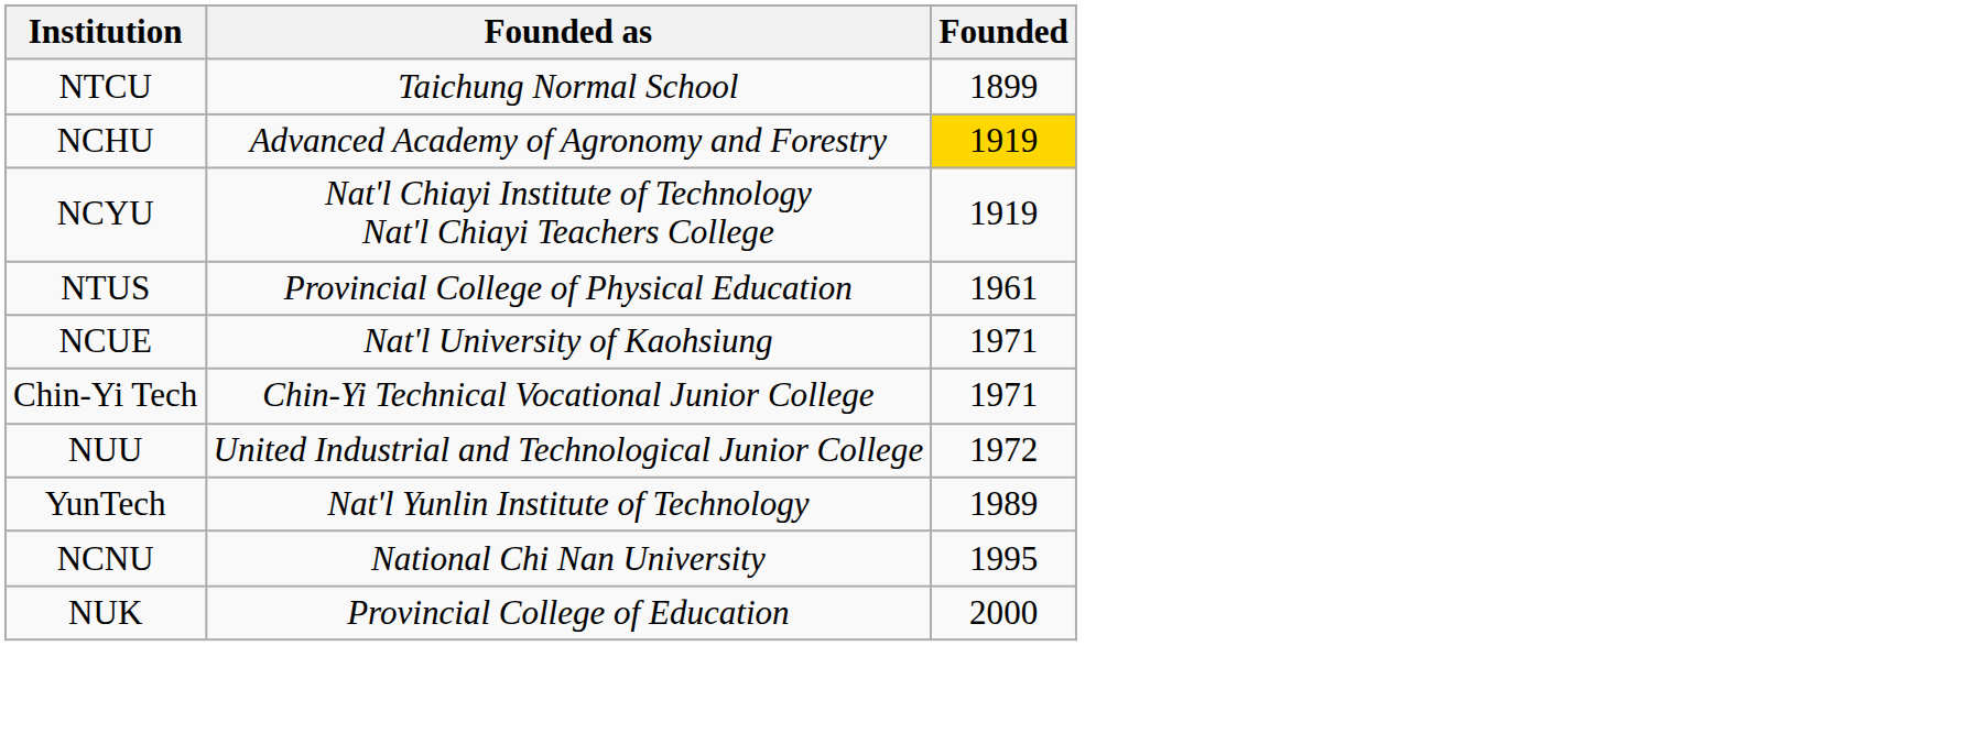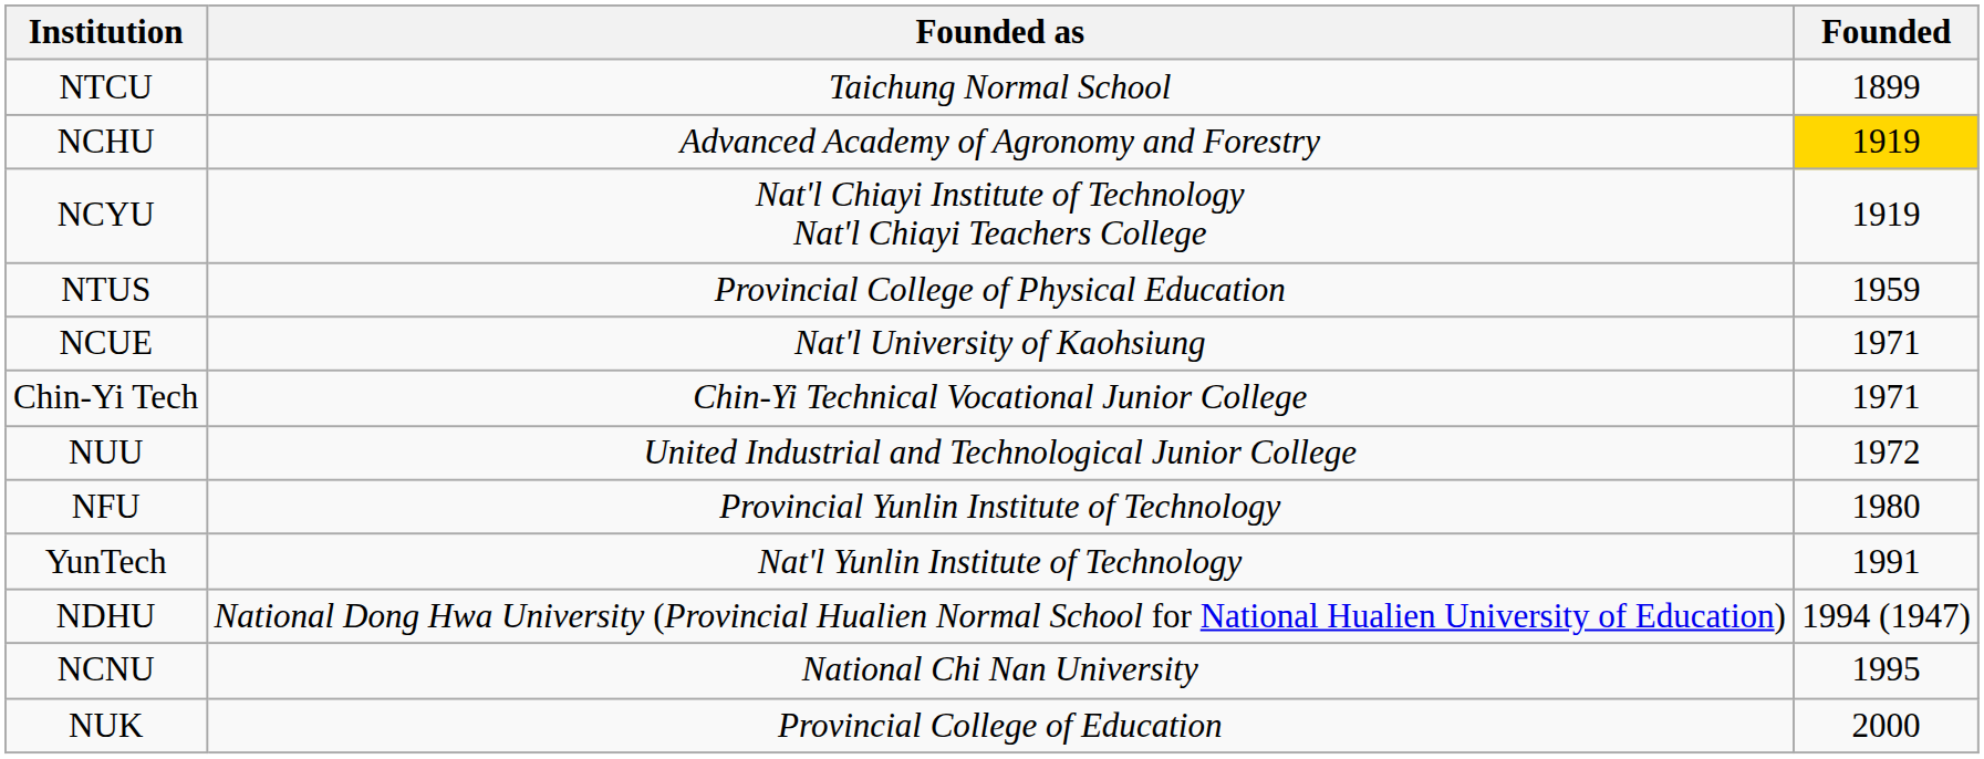 <table class="wikitable" style="text-align:center; margin-right:0; white-space:nowrap">
 <tr>
 <th>Institution</th>
 <th>Founded as</th>
 <th>Founded</th>
 </tr>
 <tr>
 <td>NTCU</td>
 <td><em>Taichung Normal School</em></td>
 <td>1899</td>
 </tr>
 <tr>
 <td>NCHU</td>
 <td><em>Advanced Academy of Agronomy and Forestry</em></td>
 <td style="background: gold;">1919</td>
 </tr>
 <tr>
 <td>NCYU</td>
 <td><em>Nat'l Chiayi Institute of Technology</em><br><em>Nat'l Chiayi Teachers College</em></td>
 <td>1919</td>
 </tr>
 <tr>
 <td>NTUS</td>
 <td><em>Provincial College of Physical Education</em></td>
-<td>1961</td>
+<td>1959</td>
 </tr>
 <tr>
 <td>NCUE</td>
 <td><em>Nat'l University of Kaohsiung</em></td>
 <td>1971</td>
 </tr>
 <tr>
 <td>Chin-Yi Tech</td>
 <td><em>Chin-Yi Technical Vocational Junior College</em></td>
 <td>1971</td>
 </tr>
 <tr>
 <td>NUU</td>
 <td><em>United Industrial and Technological Junior College</em></td>
 <td>1972</td>
 </tr>
 <tr>
+<td>NFU</td>
+<td><em>Provincial Yunlin Institute of Technology</em></td>
+<td>1980</td>
+</tr>
+<tr>
 <td>YunTech</td>
 <td><em>Nat'l Yunlin Institute of Technology</em></td>
-<td>1989</td>
+<td>1991</td>
+</tr>
+<tr>
+<td>NDHU</td>
+<td><em>National Dong Hwa University</em> (<em>Provincial Hualien Normal School</em> for <a href='#'>National Hualien University of Education</a>)</td>
+<td>1994 (1947)</td>
 </tr>
 <tr>
 <td>NCNU</td>
 <td><em>National Chi Nan University</em></td>
 <td>1995</td>
 </tr>
 <tr>
 <td>NUK</td>
 <td><em>Provincial College of Education</em></td>
 <td>2000</td>
 </tr>
 </table>
